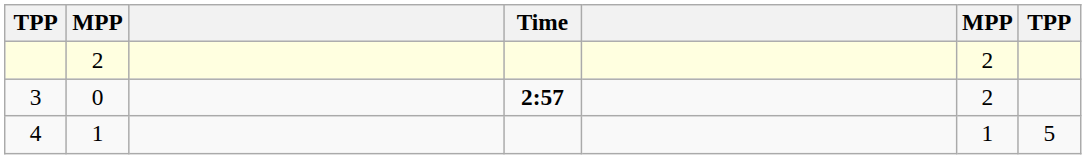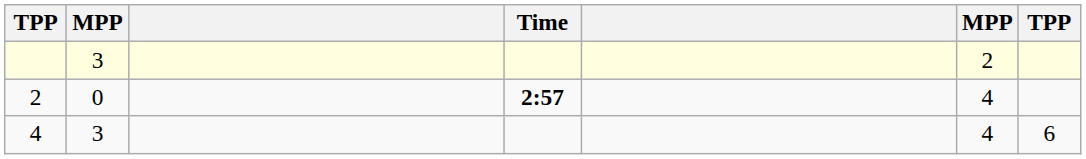 <table class="wikitable" style="text-align: center;" |>
 <tr>
 <th width="35">TPP</th>
 <th width="35">MPP</th>
 <th width="250"></th>
 <th width="45">Time</th>
 <th width="250"></th>
 <th width="35">MPP</th>
 <th width="35">TPP</th>
 </tr>
 <tr bgcolor="lightyellow">
 <td></td>
-<td>2</td>
+<td>3</td>
 <td style="text-align:left;"></td>
 <td></td>
 <td style="text-align:left;"></td>
 <td>2</td>
 <td></td>
 </tr>
 <tr>
-<td>3</td>
+<td>2</td>
 <td>0</td>
 <td style="text-align:left;"><strong></strong></td>
 <td><strong>2:57</strong></td>
 <td style="text-align:left;"></td>
-<td>2</td>
+<td>4</td>
 <td></td>
 </tr>
 <tr>
 <td>4</td>
-<td>1</td>
+<td>3</td>
 <td style="text-align:left;"></td>
 <td></td>
 <td style="text-align:left;"><strong></strong></td>
-<td>1</td>
-<td>5</td>
+<td>4</td>
+<td>6</td>
 </tr>
 </table>
